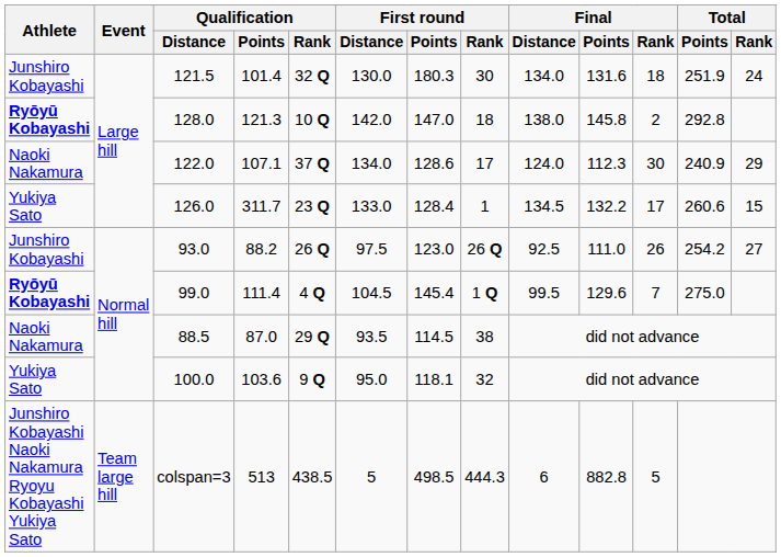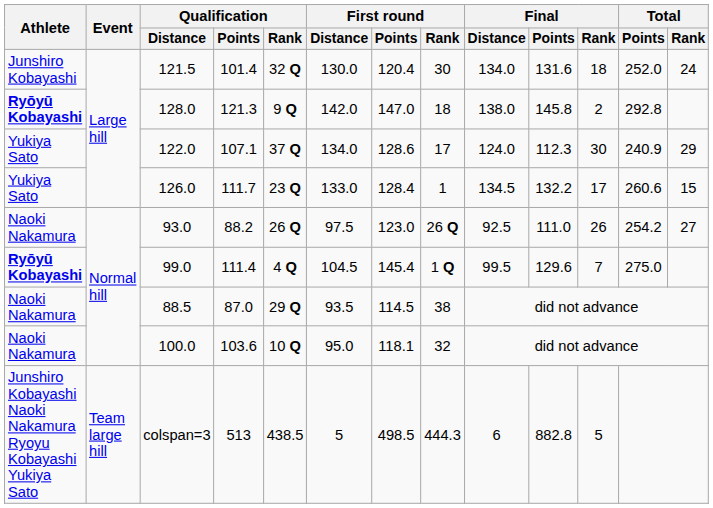 <table class="wikitable" style="font-size:90%">
 <tr>
 <th rowspan=2>Athlete</th>
 <th rowspan=2>Event</th>
 <th colspan=3>Qualification</th>
 <th colspan=3>First round</th>
 <th colspan=3>Final</th>
 <th colspan=2>Total</th>
 </tr>
 <tr style="font-size:95%">
 <th>Distance</th>
 <th>Points</th>
 <th>Rank</th>
 <th>Distance</th>
 <th>Points</th>
 <th>Rank</th>
 <th>Distance</th>
 <th>Points</th>
 <th>Rank</th>
 <th>Points</th>
 <th>Rank</th>
 </tr>
 <tr align=center>
 <td align=left><a href='#'>Junshiro Kobayashi</a></td>
 <td align=left rowspan=4><a href='#'>Large hill</a></td>
 <td>121.5</td>
 <td>101.4</td>
 <td>32 <strong>Q</strong></td>
 <td>130.0</td>
-<td>180.3</td>
+<td>120.4</td>
 <td>30</td>
 <td>134.0</td>
 <td>131.6</td>
 <td>18</td>
-<td>251.9</td>
+<td>252.0</td>
 <td>24</td>
 </tr>
 <tr align="center">
 <td align="left"><strong><a href='#'>Ryōyū Kobayashi</a></strong></td>
 <td>128.0</td>
 <td>121.3</td>
-<td>10 <strong>Q</strong></td>
+<td>9 <strong>Q</strong></td>
 <td>142.0</td>
 <td>147.0</td>
 <td>18</td>
 <td>138.0</td>
 <td>145.8</td>
 <td>2</td>
 <td>292.8</td>
 <td></td>
 </tr>
 <tr align="center">
-<td align="left"><a href='#'>Naoki Nakamura</a></td>
+<td align="left"><a href='#'>Yukiya Sato</a></td>
 <td>122.0</td>
 <td>107.1</td>
 <td>37 <strong>Q</strong></td>
 <td>134.0</td>
 <td>128.6</td>
 <td>17</td>
 <td>124.0</td>
 <td>112.3</td>
 <td>30</td>
 <td>240.9</td>
 <td>29</td>
 </tr>
 <tr align="center">
 <td align="left"><a href='#'>Yukiya Sato</a></td>
 <td>126.0</td>
-<td>311.7</td>
+<td>111.7</td>
 <td>23 <strong>Q</strong></td>
 <td>133.0</td>
 <td>128.4</td>
 <td>1</td>
 <td>134.5</td>
 <td>132.2</td>
 <td>17</td>
 <td>260.6</td>
 <td>15</td>
 </tr>
 <tr align="center">
-<td align="left"><a href='#'>Junshiro Kobayashi</a></td>
+<td align="left"><a href='#'>Naoki Nakamura</a></td>
 <td rowspan="4" align="left"><a href='#'>Normal hill</a></td>
 <td>93.0</td>
 <td>88.2</td>
 <td>26 <strong>Q</strong></td>
 <td>97.5</td>
 <td>123.0</td>
 <td>26 <strong>Q</strong></td>
 <td>92.5</td>
 <td>111.0</td>
 <td>26</td>
 <td>254.2</td>
 <td>27</td>
 </tr>
 <tr align="center">
 <td align="left"><strong><a href='#'>Ryōyū Kobayashi</a></strong></td>
 <td>99.0</td>
 <td>111.4</td>
 <td>4 <strong>Q</strong></td>
 <td>104.5</td>
 <td>145.4</td>
 <td>1 <strong>Q</strong></td>
 <td>99.5</td>
 <td>129.6</td>
 <td>7</td>
 <td>275.0</td>
 <td></td>
 </tr>
 <tr align="center">
 <td align="left"><a href='#'>Naoki Nakamura</a></td>
 <td>88.5</td>
 <td>87.0</td>
 <td>29 <strong>Q</strong></td>
 <td>93.5</td>
 <td>114.5</td>
 <td>38</td>
 <td colspan="5">did not advance</td>
 </tr>
 <tr align="center">
-<td align="left"><a href='#'>Yukiya Sato</a></td>
+<td align="left"><a href='#'>Naoki Nakamura</a></td>
 <td>100.0</td>
 <td>103.6</td>
-<td>9 <strong>Q</strong></td>
+<td>10 <strong>Q</strong></td>
 <td>95.0</td>
 <td>118.1</td>
 <td>32</td>
 <td colspan="5">did not advance</td>
 </tr>
 <tr align=center>
 <td align=left><a href='#'>Junshiro Kobayashi</a><br><a href='#'>Naoki Nakamura</a><br><a href='#'>Ryoyu Kobayashi</a><br><a href='#'>Yukiya Sato</a></td>
 <td align=left><a href='#'>Team large hill</a></td>
 <td>colspan=3 </td>
 <td>513</td>
 <td>438.5</td>
 <td>5</td>
 <td>498.5</td>
 <td>444.3</td>
 <td>6</td>
 <td>882.8</td>
 <td>5</td>
 </tr>
 </table>
